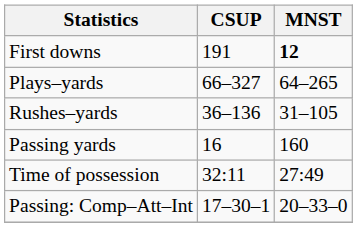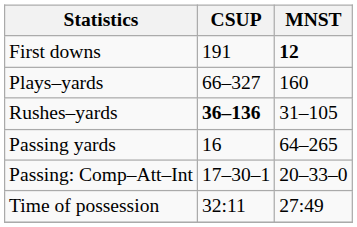 <table class="wikitable" style="float: left;">
 <tr>
 <th>Statistics</th>
 <th>CSUP</th>
 <th>MNST</th>
 </tr>
 <tr>
 <td>First downs</td>
 <td>191</td>
 <td><strong>12</strong></td>
 </tr>
 <tr>
 <td>Plays–yards</td>
 <td>66–327</td>
-<td>64–265</td>
+<td>160</td>
 </tr>
 <tr>
 <td>Rushes–yards</td>
-<td>36–136</td>
+<td><strong>36–136</strong></td>
 <td>31–105</td>
 </tr>
 <tr>
 <td>Passing yards</td>
 <td>16</td>
-<td>160</td>
+<td>64–265</td>
+</tr>
+<tr>
+<td>Passing: Comp–Att–Int</td>
+<td>17–30–1</td>
+<td>20–33–0</td>
 </tr>
 <tr>
 <td>Time of possession</td>
 <td>32:11</td>
 <td>27:49</td>
 </tr>
 <tr>
-<td>Passing: Comp–Att–Int</td>
-<td>17–30–1</td>
-<td>20–33–0</td>
-</tr>
-<tr>
 </tr>
 </table>
